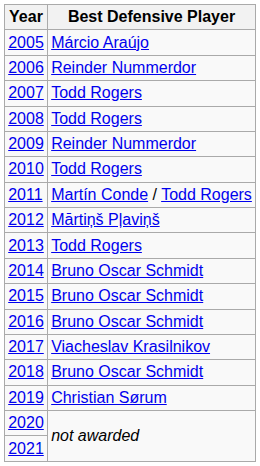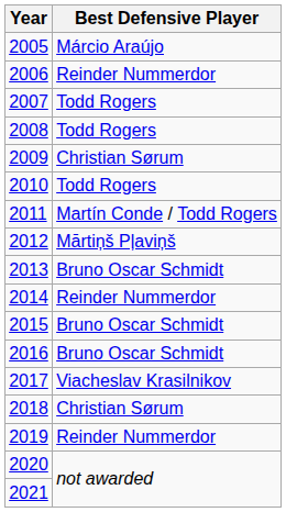 <table class="wikitable sortable" style="display:inline-table;">
 <tr>
 <th>Year</th>
 <th>Best Defensive Player</th>
 </tr>
 <tr>
 <td><a href='#'>2005</a></td>
 <td> <a href='#'>Márcio Araújo</a></td>
 </tr>
 <tr>
 <td><a href='#'>2006</a></td>
 <td> <a href='#'>Reinder Nummerdor</a> </td>
 </tr>
 <tr>
 <td><a href='#'>2007</a></td>
 <td> <a href='#'>Todd Rogers</a> </td>
 </tr>
 <tr>
 <td><a href='#'>2008</a></td>
 <td> <a href='#'>Todd Rogers</a> </td>
 </tr>
 <tr>
 <td><a href='#'>2009</a></td>
-<td> <a href='#'>Reinder Nummerdor</a> </td>
+<td> <a href='#'>Christian Sørum</a> </td>
 </tr>
 <tr>
 <td><a href='#'>2010</a></td>
 <td> <a href='#'>Todd Rogers</a> </td>
 </tr>
 <tr>
 <td><a href='#'>2011</a></td>
 <td> <a href='#'>Martín Conde</a> /  <a href='#'>Todd Rogers</a> </td>
 </tr>
 <tr>
 <td><a href='#'>2012</a></td>
 <td> <a href='#'>Mārtiņš Pļaviņš</a></td>
 </tr>
 <tr>
 <td><a href='#'>2013</a></td>
-<td> <a href='#'>Todd Rogers</a> </td>
+<td> <a href='#'>Bruno Oscar Schmidt</a> </td>
 </tr>
 <tr>
 <td><a href='#'>2014</a></td>
-<td> <a href='#'>Bruno Oscar Schmidt</a> </td>
+<td> <a href='#'>Reinder Nummerdor</a> </td>
 </tr>
 <tr>
 <td><a href='#'>2015</a></td>
 <td> <a href='#'>Bruno Oscar Schmidt</a> </td>
 </tr>
 <tr>
 <td><a href='#'>2016</a></td>
 <td> <a href='#'>Bruno Oscar Schmidt</a> </td>
 </tr>
 <tr>
 <td><a href='#'>2017</a></td>
 <td> <a href='#'>Viacheslav Krasilnikov</a></td>
 </tr>
 <tr>
 <td><a href='#'>2018</a></td>
-<td> <a href='#'>Bruno Oscar Schmidt</a> </td>
+<td> <a href='#'>Christian Sørum</a> </td>
 </tr>
 <tr>
 <td><a href='#'>2019</a></td>
-<td> <a href='#'>Christian Sørum</a> </td>
+<td> <a href='#'>Reinder Nummerdor</a> </td>
 </tr>
 <tr>
 <td><a href='#'>2020</a></td>
 <td rowspan=2><em>not awarded</em></td>
 </tr>
 <tr>
 <td><a href='#'>2021</a></td>
 </tr>
 </table>
